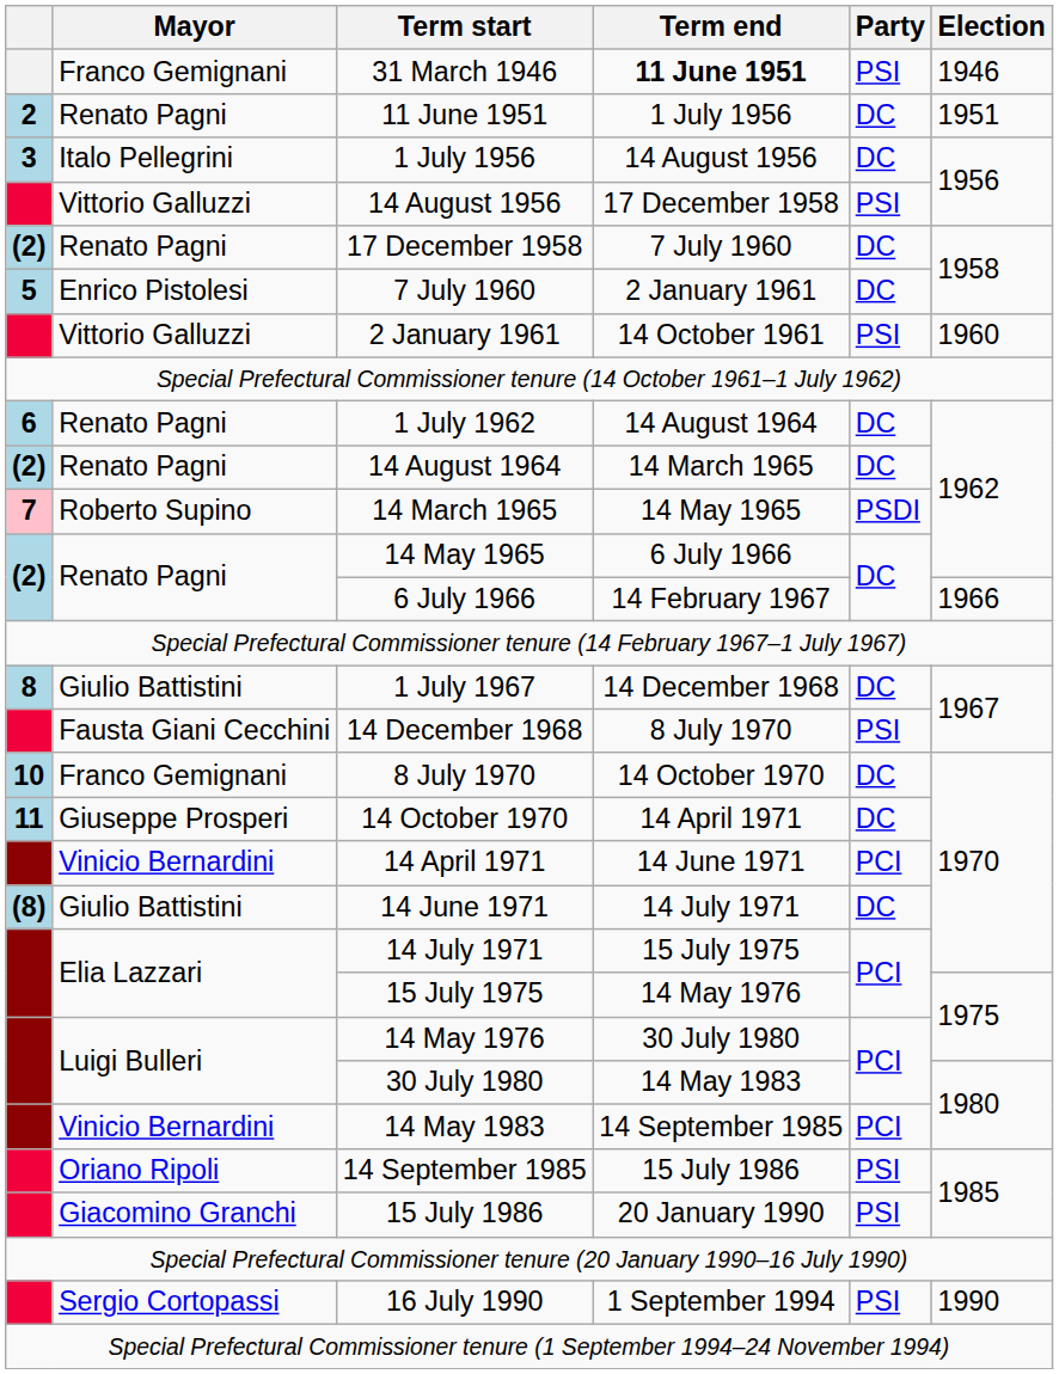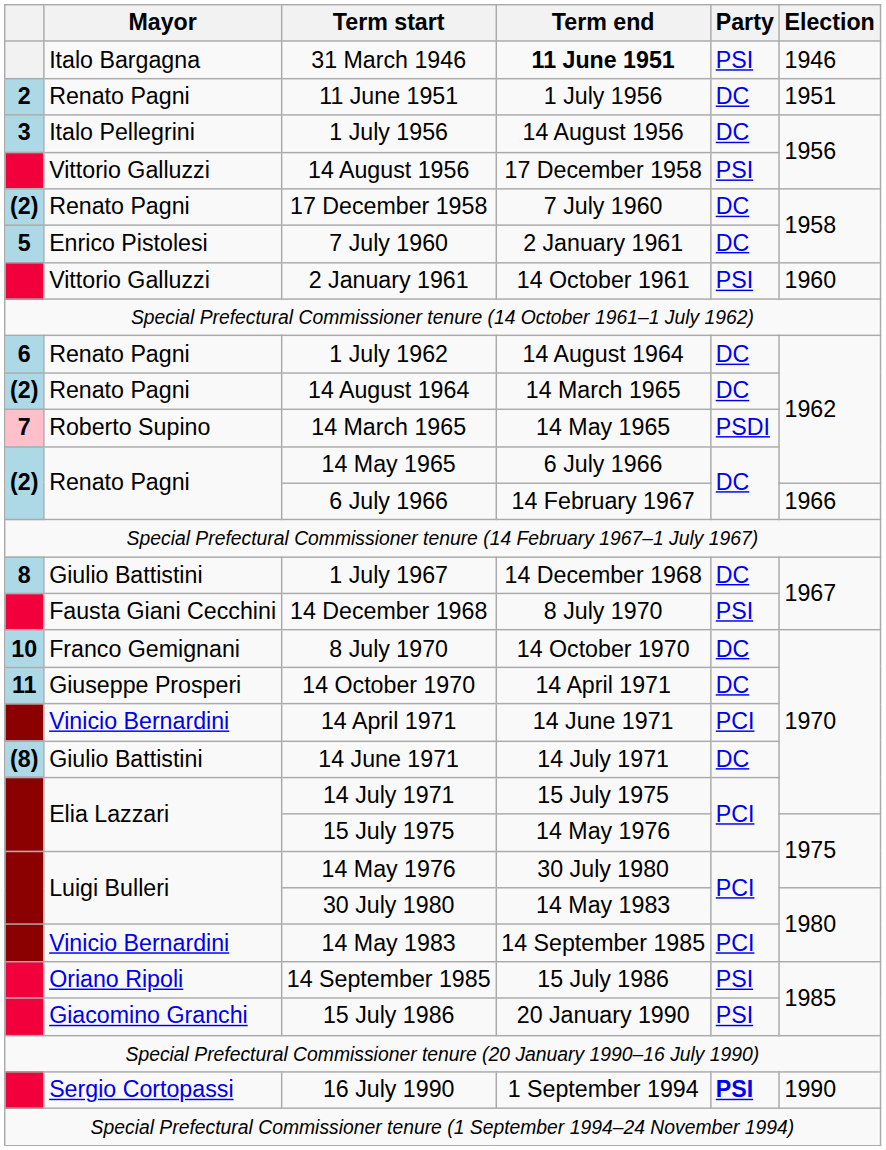 <table class="wikitable">
 <tr>
 <th class=unsortable> </th>
 <th>Mayor</th>
 <th>Term start</th>
 <th>Term end</th>
 <th>Party</th>
 <th>Election</th>
 </tr>
 <tr>
 <th rowspan=1 style="background:"></th>
-<td>Franco Gemignani</td>
+<td>Italo Bargagna</td>
 <td align=center>31 March 1946</td>
 <td align=center><strong>11 June 1951</strong></td>
 <td><a href='#'>PSI</a></td>
 <td>1946</td>
 </tr>
 <tr>
 <th style="background:#ADD8E6;">2</th>
 <td>Renato Pagni</td>
 <td align=center>11 June 1951</td>
 <td align=center>1 July 1956</td>
 <td><a href='#'>DC</a></td>
 <td>1951</td>
 </tr>
 <tr>
 <th style="background:#ADD8E6;">3</th>
 <td>Italo Pellegrini</td>
 <td align=center>1 July 1956</td>
 <td align=center>14 August 1956</td>
 <td><a href='#'>DC</a></td>
 <td rowspan=2>1956</td>
 </tr>
 <tr>
 <th style="background:#F2003C;"></th>
 <td>Vittorio Galluzzi</td>
 <td align=center>14 August 1956</td>
 <td align=center>17 December 1958</td>
 <td><a href='#'>PSI</a></td>
 </tr>
 <tr>
 <th style="background:#ADD8E6;">(2)</th>
 <td>Renato Pagni</td>
 <td align=center>17 December 1958</td>
 <td align=center>7 July 1960</td>
 <td><a href='#'>DC</a></td>
 <td rowspan=2>1958</td>
 </tr>
 <tr>
 <th style="background:#ADD8E6;">5</th>
 <td>Enrico Pistolesi</td>
 <td align=center>7 July 1960</td>
 <td align=center>2 January 1961</td>
 <td><a href='#'>DC</a></td>
 </tr>
 <tr>
 <th style="background:#F2003C;"></th>
 <td>Vittorio Galluzzi</td>
 <td align=center>2 January 1961</td>
 <td align=center>14 October 1961</td>
 <td><a href='#'>PSI</a></td>
 <td>1960</td>
 </tr>
 <tr>
 <td colspan=6 align=center><small><em>Special Prefectural Commissioner tenure (14 October 1961–1 July 1962)</em></small></td>
 </tr>
 <tr>
 <th style="background:#ADD8E6;">6</th>
 <td>Renato Pagni</td>
 <td align=center>1 July 1962</td>
 <td align=center>14 August 1964</td>
 <td><a href='#'>DC</a></td>
 <td rowspan=4>1962</td>
 </tr>
 <tr>
 <th style="background:#ADD8E6;">(2)</th>
 <td>Renato Pagni</td>
 <td align=center>14 August 1964</td>
 <td align=center>14 March 1965</td>
 <td><a href='#'>DC</a></td>
 </tr>
 <tr>
 <th style="background:#FFC0CB;">7</th>
 <td>Roberto Supino</td>
 <td align=center>14 March 1965</td>
 <td align=center>14 May 1965</td>
 <td><a href='#'>PSDI</a></td>
 </tr>
 <tr>
 <th rowspan=2 style="background:#ADD8E6;">(2)</th>
 <td rowspan=2>Renato Pagni</td>
 <td align=center>14 May 1965</td>
 <td align=center>6 July 1966</td>
 <td rowspan=2><a href='#'>DC</a></td>
 </tr>
 <tr>
 <td align=center>6 July 1966</td>
 <td align=center>14 February 1967</td>
 <td>1966</td>
 </tr>
 <tr>
 <td colspan=6 align=center><small><em>Special Prefectural Commissioner tenure (14 February 1967–1 July 1967)</em></small></td>
 </tr>
 <tr>
 <th style="background:#ADD8E6;">8</th>
 <td>Giulio Battistini</td>
 <td align=center>1 July 1967</td>
 <td align=center>14 December 1968</td>
 <td><a href='#'>DC</a></td>
 <td rowspan=2>1967</td>
 </tr>
 <tr>
 <th style="background:#F2003C;"></th>
 <td>Fausta Giani Cecchini</td>
 <td align=center>14 December 1968</td>
 <td align=center>8 July 1970</td>
 <td><a href='#'>PSI</a></td>
 </tr>
 <tr>
 <th style="background:#ADD8E6;">10</th>
 <td>Franco Gemignani</td>
 <td align=center>8 July 1970</td>
 <td align=center>14 October 1970</td>
 <td><a href='#'>DC</a></td>
 <td rowspan=5>1970</td>
 </tr>
 <tr>
 <th style="background:#ADD8E6;">11</th>
 <td>Giuseppe Prosperi</td>
 <td align=center>14 October 1970</td>
 <td align=center>14 April 1971</td>
 <td><a href='#'>DC</a></td>
 </tr>
 <tr>
 <th style="background:#8B0000;"></th>
 <td><a href='#'>Vinicio Bernardini</a></td>
 <td align=center>14 April 1971</td>
 <td align=center>14 June 1971</td>
 <td><a href='#'>PCI</a></td>
 </tr>
 <tr>
 <th style="background:#ADD8E6;">(8)</th>
 <td>Giulio Battistini</td>
 <td align=center>14 June 1971</td>
 <td align=center>14 July 1971</td>
 <td><a href='#'>DC</a></td>
 </tr>
 <tr>
 <th rowspan=2 style="background:#8B0000;"></th>
 <td rowspan=2>Elia Lazzari</td>
 <td align=center>14 July 1971</td>
 <td align=center>15 July 1975</td>
 <td rowspan=2><a href='#'>PCI</a></td>
 </tr>
 <tr>
 <td align=center>15 July 1975</td>
 <td align=center>14 May 1976</td>
 <td rowspan=2>1975</td>
 </tr>
 <tr>
 <th rowspan=2 style="background:#8B0000;"></th>
 <td rowspan=2>Luigi Bulleri</td>
 <td align=center>14 May 1976</td>
 <td align=center>30 July 1980</td>
 <td rowspan=2><a href='#'>PCI</a></td>
 </tr>
 <tr>
 <td align=center>30 July 1980</td>
 <td align=center>14 May 1983</td>
 <td rowspan=2>1980</td>
 </tr>
 <tr>
 <th style="background:#8B0000;"></th>
 <td><a href='#'>Vinicio Bernardini</a></td>
 <td align=center>14 May 1983</td>
 <td align=center>14 September 1985</td>
 <td><a href='#'>PCI</a></td>
 </tr>
 <tr>
 <th style="background:#F2003C;"></th>
 <td><a href='#'>Oriano Ripoli</a></td>
 <td align=center>14 September 1985</td>
 <td align=center>15 July 1986</td>
 <td><a href='#'>PSI</a></td>
 <td rowspan=2>1985</td>
 </tr>
 <tr>
 <th style="background:#F2003C;"></th>
 <td><a href='#'>Giacomino Granchi</a></td>
 <td align=center>15 July 1986</td>
 <td align=center>20 January 1990</td>
 <td><a href='#'>PSI</a></td>
 </tr>
 <tr>
 <td colspan=6 align=center><small><em>Special Prefectural Commissioner tenure (20 January 1990–16 July 1990)</em></small></td>
 </tr>
 <tr>
 <th style="background:#F2003C;"></th>
 <td><a href='#'>Sergio Cortopassi</a></td>
 <td align=center>16 July 1990</td>
 <td align=center>1 September 1994</td>
-<td><a href='#'>PSI</a></td>
+<td><strong><a href='#'>PSI</a></strong></td>
 <td>1990</td>
 </tr>
 <tr>
 <td colspan=6 align=center><small><em>Special Prefectural Commissioner tenure (1 September 1994–24 November 1994)</em></small></td>
 </tr>
 <tr>
 </tr>
 </table>
